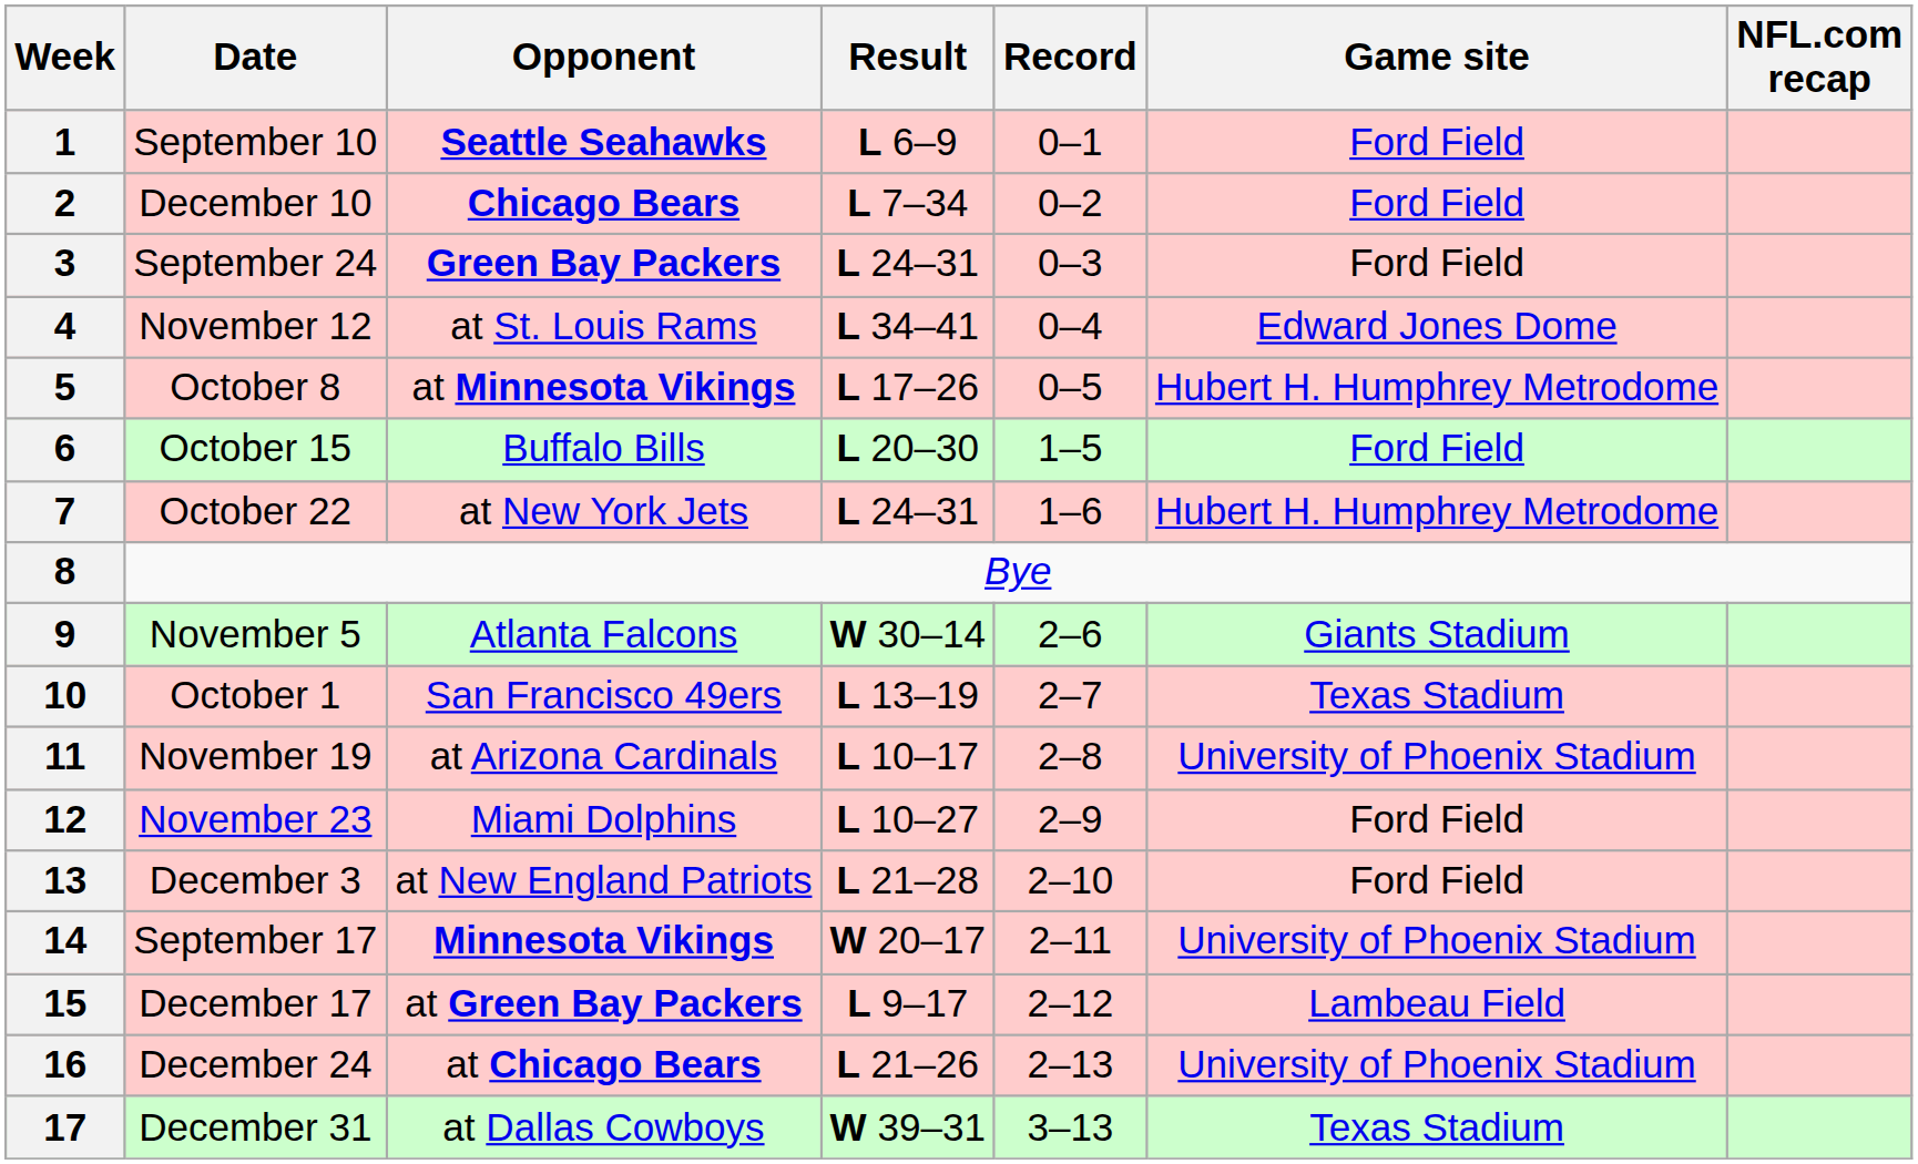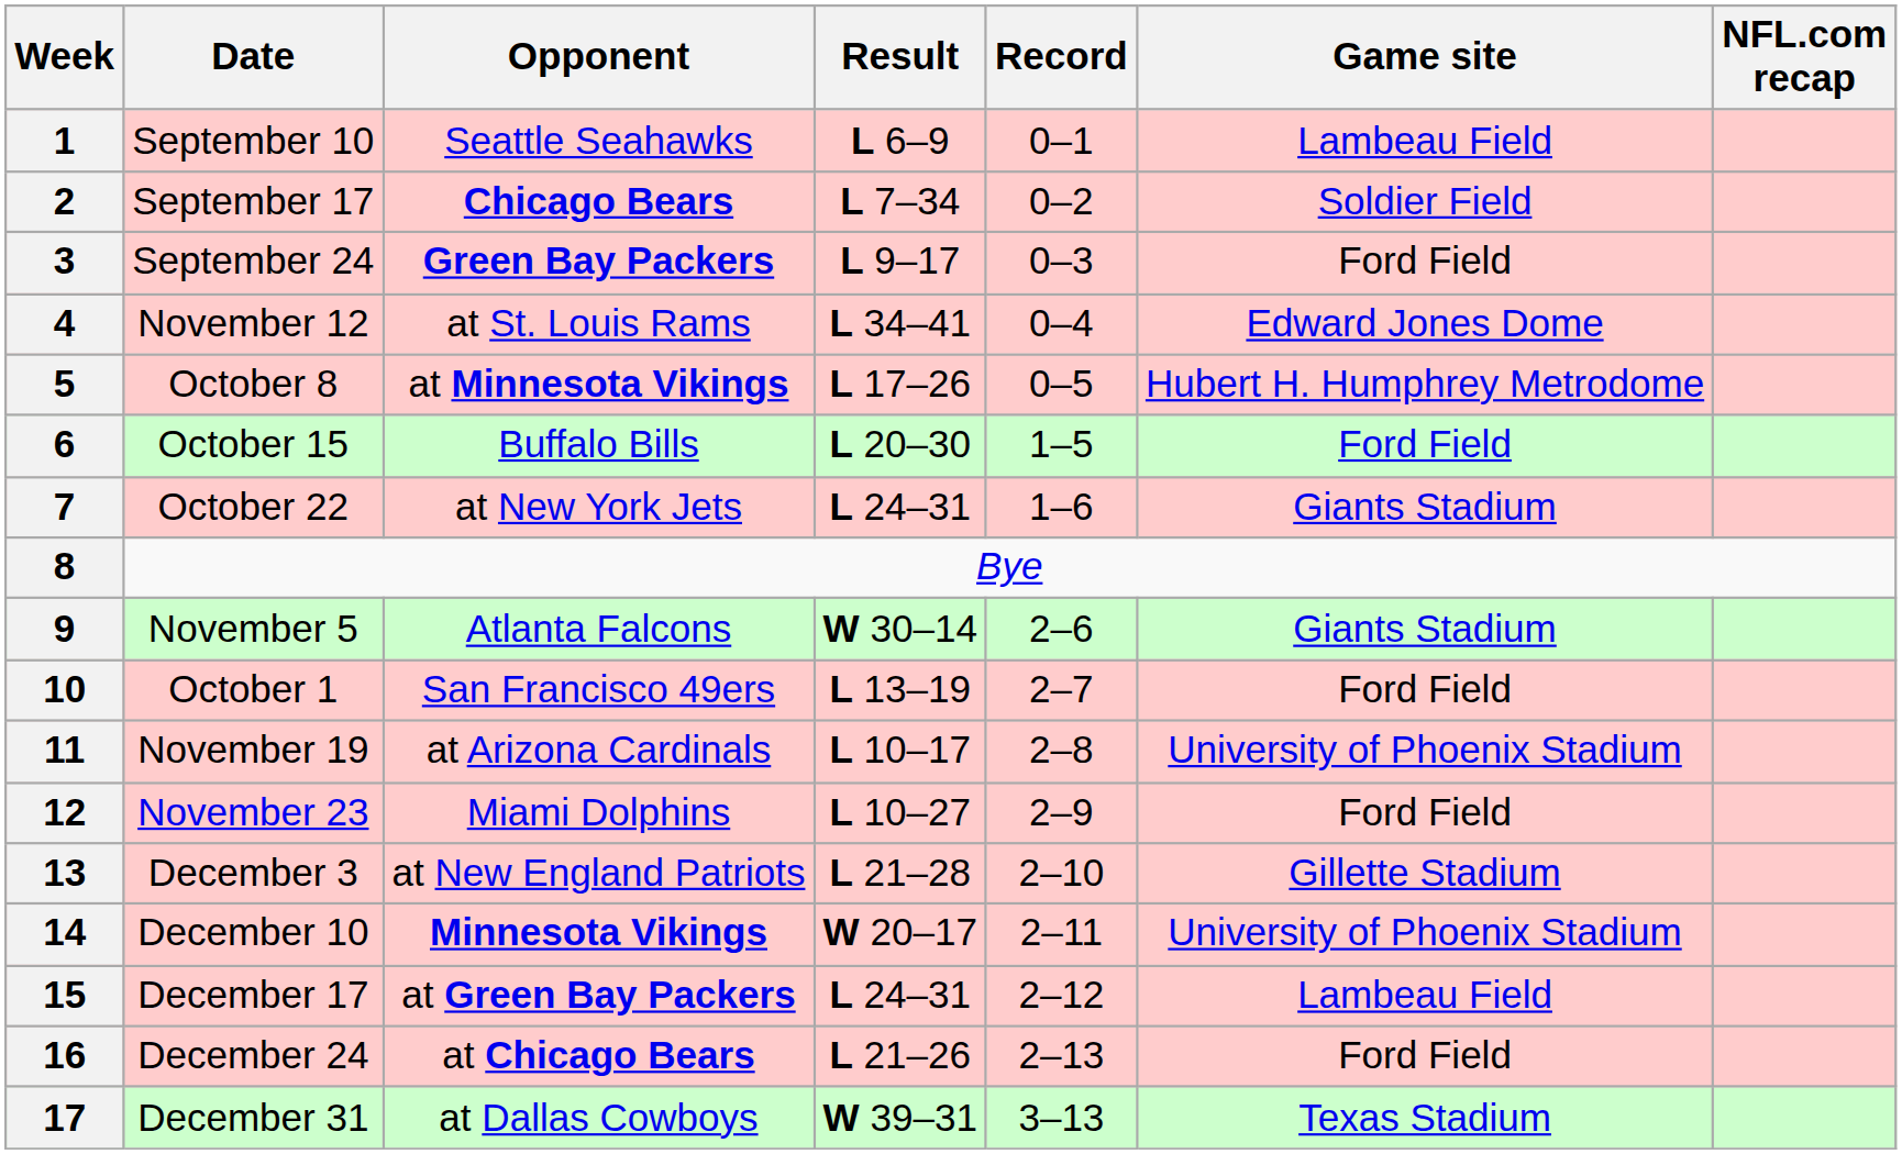 <table class="wikitable" style="text-align:center">
 <tr>
 <th>Week</th>
 <th>Date</th>
 <th>Opponent</th>
 <th>Result</th>
 <th>Record</th>
 <th>Game site</th>
 <th>NFL.com<br>recap</th>
 </tr>
 <tr style="background: #fcc;">
 <th>1</th>
 <td>September 10</td>
-<td><strong><a href='#'>Seattle Seahawks</a></strong></td>
+<td><a href='#'>Seattle Seahawks</a></td>
 <td><strong>L</strong> 6–9</td>
 <td>0–1</td>
-<td><a href='#'>Ford Field</a></td>
+<td><a href='#'>Lambeau Field</a></td>
 <td></td>
 </tr>
 <tr style="background: #fcc;">
 <th>2</th>
-<td>December 10</td>
+<td>September 17</td>
 <td><strong><a href='#'>Chicago Bears</a></strong></td>
 <td><strong>L</strong> 7–34</td>
 <td>0–2</td>
-<td><a href='#'>Ford Field</a></td>
+<td><a href='#'>Soldier Field</a></td>
 <td></td>
 </tr>
 <tr style="background: #fcc;">
 <th>3</th>
 <td>September 24</td>
 <td><strong><a href='#'>Green Bay Packers</a></strong></td>
-<td><strong>L</strong> 24–31</td>
+<td><strong>L</strong> 9–17</td>
 <td>0–3</td>
 <td>Ford Field</td>
 <td></td>
 </tr>
 <tr style="background: #fcc;">
 <th>4</th>
 <td>November 12</td>
 <td>at <a href='#'>St. Louis Rams</a></td>
 <td><strong>L</strong> 34–41</td>
 <td>0–4</td>
 <td><a href='#'>Edward Jones Dome</a></td>
 <td></td>
 </tr>
 <tr style="background: #fcc;">
 <th>5</th>
 <td>October 8</td>
 <td>at <strong><a href='#'>Minnesota Vikings</a></strong></td>
 <td><strong>L</strong> 17–26</td>
 <td>0–5</td>
 <td><a href='#'>Hubert H. Humphrey Metrodome</a></td>
 <td></td>
 </tr>
 <tr style="background: #cfc;">
 <th>6</th>
 <td>October 15</td>
 <td><a href='#'>Buffalo Bills</a></td>
 <td><strong>L</strong> 20–30</td>
 <td>1–5</td>
 <td><a href='#'>Ford Field</a></td>
 <td></td>
 </tr>
 <tr style="background: #fcc;">
 <th>7</th>
 <td>October 22</td>
 <td>at <a href='#'>New York Jets</a></td>
 <td><strong>L</strong> 24–31</td>
 <td>1–6</td>
-<td><a href='#'>Hubert H. Humphrey Metrodome</a></td>
+<td><a href='#'>Giants Stadium</a></td>
 <td></td>
 </tr>
 <tr>
 <th>8</th>
 <td colspan=6 align="center"><em><a href='#'>Bye</a></em></td>
 </tr>
 <tr style="background: #cfc;">
 <th>9</th>
 <td>November 5</td>
 <td><a href='#'>Atlanta Falcons</a></td>
 <td><strong>W</strong> 30–14</td>
 <td>2–6</td>
 <td><a href='#'>Giants Stadium</a></td>
 <td></td>
 </tr>
 <tr style="background: #fcc;">
 <th>10</th>
 <td>October 1</td>
 <td><a href='#'>San Francisco 49ers</a></td>
 <td><strong>L</strong> 13–19</td>
 <td>2–7</td>
-<td><a href='#'>Texas Stadium</a></td>
+<td>Ford Field</td>
 <td></td>
 </tr>
 <tr style="background: #fcc;">
 <th>11</th>
 <td>November 19</td>
 <td>at <a href='#'>Arizona Cardinals</a></td>
 <td><strong>L</strong> 10–17</td>
 <td>2–8</td>
 <td><a href='#'>University of Phoenix Stadium</a></td>
 <td></td>
 </tr>
 <tr style="background: #fcc;">
 <th>12</th>
 <td><a href='#'>November 23</a></td>
 <td><a href='#'>Miami Dolphins</a></td>
 <td><strong>L</strong> 10–27</td>
 <td>2–9</td>
 <td>Ford Field</td>
 <td></td>
 </tr>
 <tr style="background: #fcc">
 <th>13</th>
 <td>December 3</td>
 <td>at <a href='#'>New England Patriots</a></td>
 <td><strong>L</strong> 21–28</td>
 <td>2–10</td>
-<td>Ford Field</td>
+<td><a href='#'>Gillette Stadium</a></td>
 <td></td>
 </tr>
 <tr style="background: #fcc;">
 <th>14</th>
-<td>September 17</td>
+<td>December 10</td>
 <td><strong><a href='#'>Minnesota Vikings</a></strong></td>
 <td><strong>W</strong> 20–17</td>
 <td>2–11</td>
 <td><a href='#'>University of Phoenix Stadium</a></td>
 <td></td>
 </tr>
 <tr style="background: #fcc;">
 <th>15</th>
 <td>December 17</td>
 <td>at <strong><a href='#'>Green Bay Packers</a></strong></td>
-<td><strong>L</strong> 9–17</td>
+<td><strong>L</strong> 24–31</td>
 <td>2–12</td>
 <td><a href='#'>Lambeau Field</a></td>
 <td></td>
 </tr>
 <tr style="background: #fcc;">
 <th>16</th>
 <td>December 24</td>
 <td>at <strong><a href='#'>Chicago Bears</a></strong></td>
 <td><strong>L</strong> 21–26</td>
 <td>2–13</td>
-<td><a href='#'>University of Phoenix Stadium</a></td>
+<td>Ford Field</td>
 <td></td>
 </tr>
 <tr style="background: #cfc;">
 <th>17</th>
 <td>December 31</td>
 <td>at <a href='#'>Dallas Cowboys</a></td>
 <td><strong>W</strong> 39–31</td>
 <td>3–13</td>
 <td><a href='#'>Texas Stadium</a></td>
 <td></td>
 </tr>
 </table>
